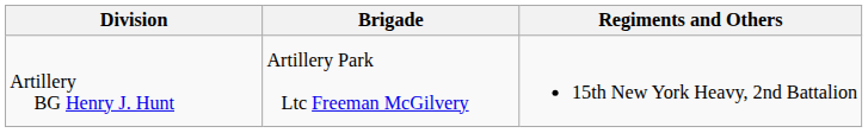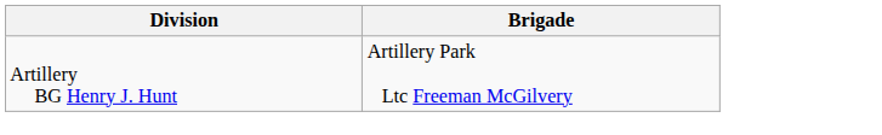 <table class="wikitable">
 <tr>
 <th width=30%>Division</th>
 <th width=30%>Brigade</th>
-<th>Regiments and Others</th>
 </tr>
 <tr>
 <td rowspan=1><br>Artillery <br>     BG <a href='#'>Henry J. Hunt</a></td>
 <td>Artillery Park<br><br>   Ltc <a href='#'>Freeman McGilvery</a></td>
-<td><br><ul><li>15th New York Heavy, 2nd Battalion</li></ul></td>
 </tr>
 </table>
